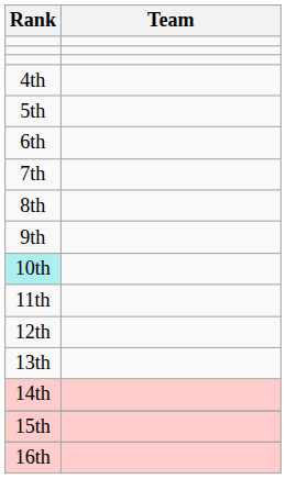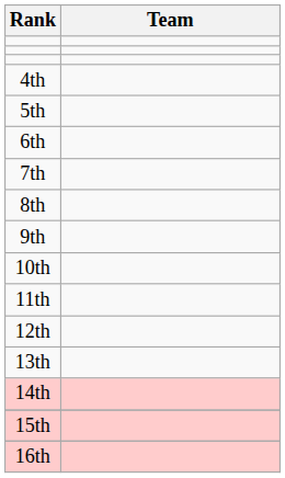 <table class=wikitable style="text-align:center;">
 <tr>
 <th>Rank</th>
 <th width=170>Team</th>
 </tr>
 <tr>
 <td></td>
 <td align=left></td>
 </tr>
 <tr>
 <td></td>
 <td align=left></td>
 </tr>
 <tr>
 <td></td>
 <td align=left></td>
 </tr>
 <tr>
 <td>4th</td>
 <td align=left></td>
 </tr>
 <tr>
 <td>5th</td>
 <td align=left></td>
 </tr>
 <tr>
 <td>6th</td>
 <td align=left></td>
 </tr>
 <tr>
 <td>7th</td>
 <td align=left></td>
 </tr>
 <tr>
 <td>8th</td>
 <td align=left></td>
 </tr>
 <tr>
 <td>9th</td>
 <td align=left></td>
 </tr>
 <tr>
-<td style="background: paleturquoise;">10th</td>
+<td>10th</td>
 <td align=left></td>
 </tr>
 <tr>
 <td>11th</td>
 <td align=left></td>
 </tr>
 <tr>
 <td>12th</td>
 <td align=left></td>
 </tr>
 <tr>
 <td>13th</td>
 <td align=left></td>
 </tr>
 <tr bgcolor=#ffcccc>
 <td>14th</td>
 <td align=left></td>
 </tr>
 <tr>
 </tr>
 <tr bgcolor=#ffcccc>
 <td>15th</td>
 <td align=left></td>
 </tr>
 <tr>
 </tr>
 <tr bgcolor=#ffcccc>
 <td>16th</td>
 <td align=left></td>
 </tr>
 </table>
